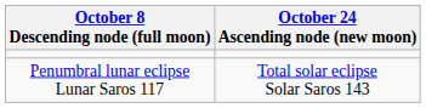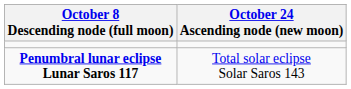 <table class="wikitable">
 <tr>
 <th><a href='#'>October 8</a><br>Descending node (full moon)<br></th>
 <th><a href='#'>October 24</a><br>Ascending node (new moon)<br></th>
 </tr>
 <tr>
 <td></td>
 <td></td>
 </tr>
 <tr align=center>
-<td><a href='#'>Penumbral lunar eclipse</a><br>Lunar Saros 117</td>
+<td><strong><a href='#'>Penumbral lunar eclipse</a><br>Lunar Saros 117</strong></td>
 <td><a href='#'>Total solar eclipse</a><br>Solar Saros 143</td>
 </tr>
 </table>
